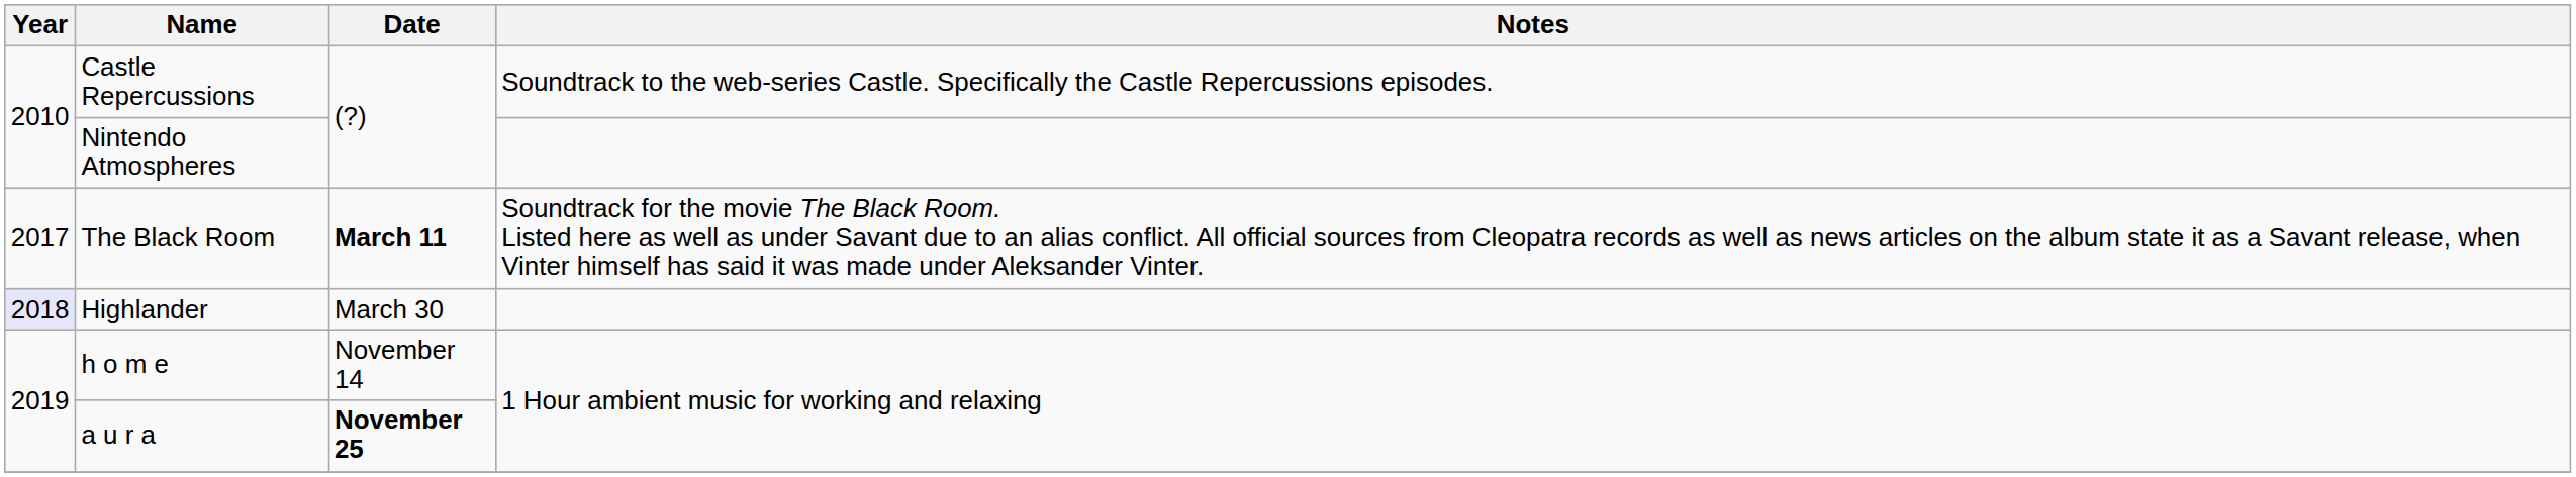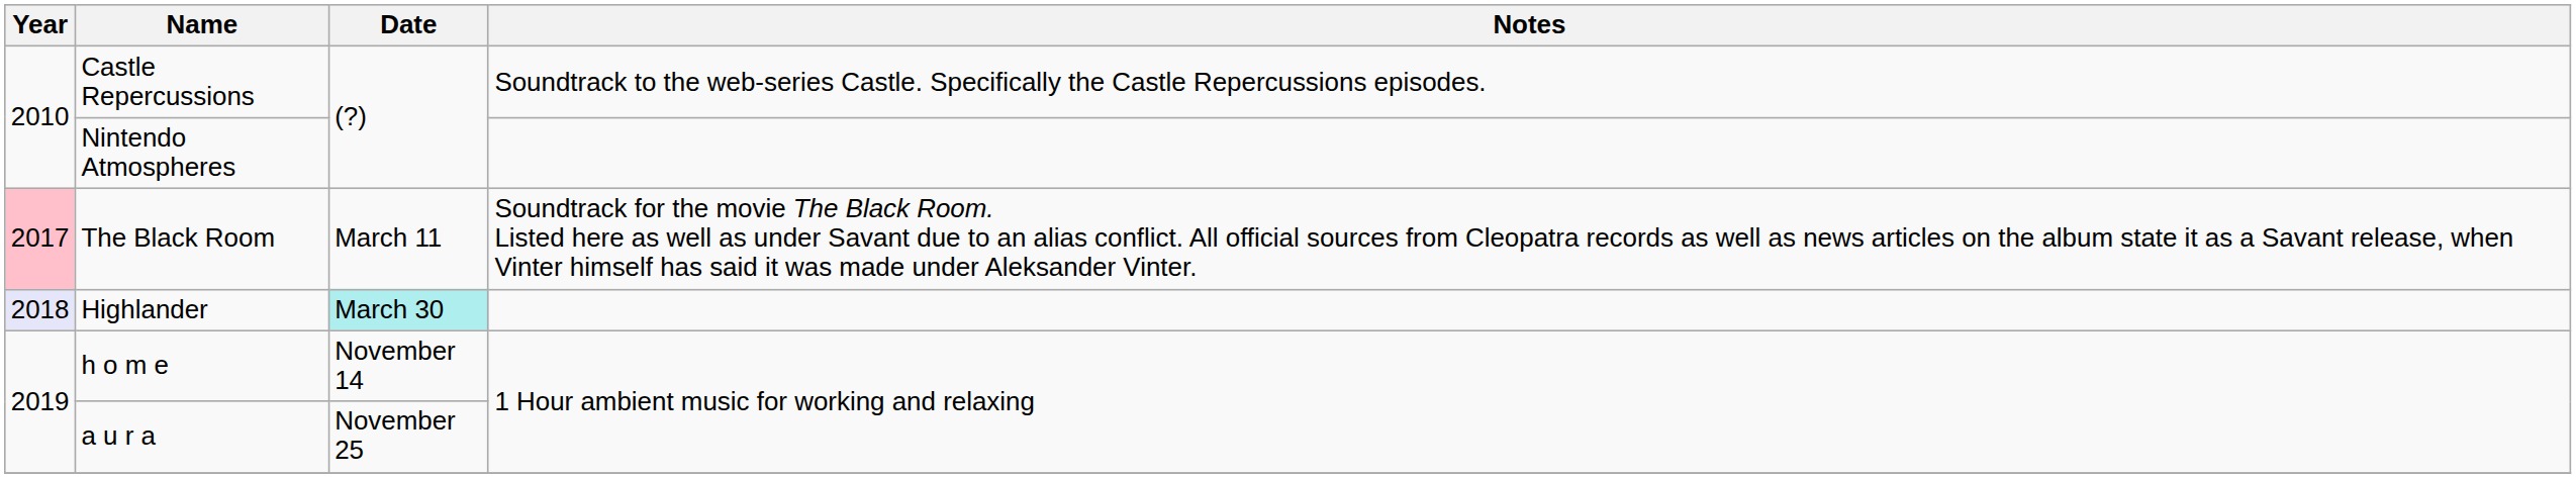 <table class="wikitable">
 <tr>
 <th>Year</th>
 <th>Name</th>
 <th>Date</th>
 <th>Notes</th>
 </tr>
 <tr>
 <td rowspan="2">2010</td>
 <td>Castle Repercussions</td>
 <td rowspan="2">(?)</td>
 <td>Soundtrack to the web-series Castle. Specifically the Castle Repercussions episodes.</td>
 </tr>
 <tr>
 <td>Nintendo Atmospheres</td>
 </tr>
 <tr>
-<td>2017</td>
+<td style="background: pink;">2017</td>
 <td>The Black Room</td>
-<td><strong>March 11</strong></td>
+<td>March 11</td>
 <td>Soundtrack for the movie <em>The Black Room.</em><br>Listed here as well as under Savant due to an alias conflict. All official sources from Cleopatra records as well as news articles on the album state it as a Savant release, when Vinter himself has said it was made under Aleksander Vinter.</td>
 </tr>
 <tr>
 <td style="background: lavender;">2018</td>
 <td>Highlander</td>
-<td>March 30</td>
+<td style="background: paleturquoise;">March 30</td>
 </tr>
 <tr>
 <td rowspan="2">2019</td>
 <td>h o m e</td>
 <td>November 14</td>
 <td rowspan="2">1 Hour ambient music for working and relaxing</td>
 </tr>
 <tr>
 <td>a u r a</td>
-<td><strong>November 25</strong></td>
+<td>November 25</td>
 </tr>
 <tr>
 </tr>
 </table>
